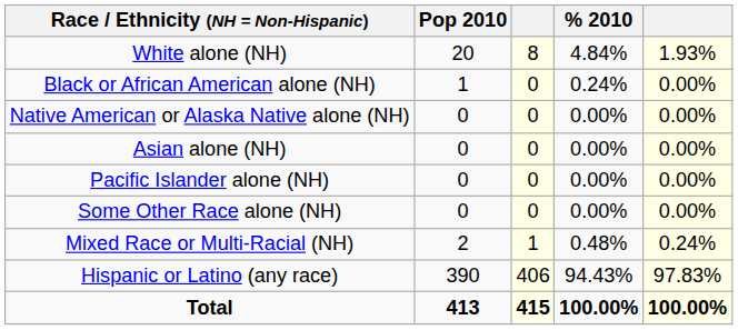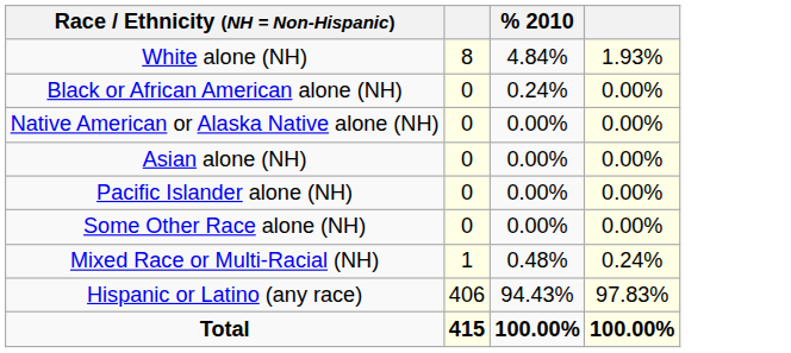 <table class="wikitable" style="text-align:center;">
 <tr>
 <th>Race / Ethnicity <small>(<em>NH = Non-Hispanic</em>)</small></th>
-<th>Pop 2010</th>
 <th></th>
 <th>% 2010</th>
 <th></th>
 </tr>
 <tr>
 <td><a href='#'>White</a> alone (NH)</td>
-<td>20</td>
 <td style='background: #ffffe6;'>8</td>
 <td>4.84%</td>
 <td style='background: #ffffe6;'>1.93%</td>
 </tr>
 <tr>
 <td><a href='#'>Black or African American</a> alone (NH)</td>
-<td>1</td>
 <td style='background: #ffffe6;'>0</td>
 <td>0.24%</td>
 <td style='background: #ffffe6;'>0.00%</td>
 </tr>
 <tr>
 <td><a href='#'>Native American</a> or <a href='#'>Alaska Native</a> alone (NH)</td>
-<td>0</td>
 <td style='background: #ffffe6;'>0</td>
 <td>0.00%</td>
 <td style='background: #ffffe6;'>0.00%</td>
 </tr>
 <tr>
 <td><a href='#'>Asian</a> alone (NH)</td>
-<td>0</td>
 <td style='background: #ffffe6;'>0</td>
 <td>0.00%</td>
 <td style='background: #ffffe6;'>0.00%</td>
 </tr>
 <tr>
 <td><a href='#'>Pacific Islander</a> alone (NH)</td>
-<td>0</td>
 <td style='background: #ffffe6;'>0</td>
 <td>0.00%</td>
 <td style='background: #ffffe6;'>0.00%</td>
 </tr>
 <tr>
 <td><a href='#'>Some Other Race</a> alone (NH)</td>
-<td>0</td>
 <td style='background: #ffffe6;'>0</td>
 <td>0.00%</td>
 <td style='background: #ffffe6;'>0.00%</td>
 </tr>
 <tr>
 <td><a href='#'>Mixed Race or Multi-Racial</a> (NH)</td>
-<td>2</td>
 <td style='background: #ffffe6;'>1</td>
 <td>0.48%</td>
 <td style='background: #ffffe6;'>0.24%</td>
 </tr>
 <tr>
 <td><a href='#'>Hispanic or Latino</a> (any race)</td>
-<td>390</td>
 <td style='background: #ffffe6;'>406</td>
 <td>94.43%</td>
 <td style='background: #ffffe6;'>97.83%</td>
 </tr>
 <tr>
 <td><strong>Total</strong></td>
-<td><strong>413</strong></td>
 <td style='background: #ffffe6;'><strong>415</strong></td>
 <td><strong>100.00%</strong></td>
 <td style='background: #ffffe6;'><strong>100.00%</strong></td>
 </tr>
 </table>
